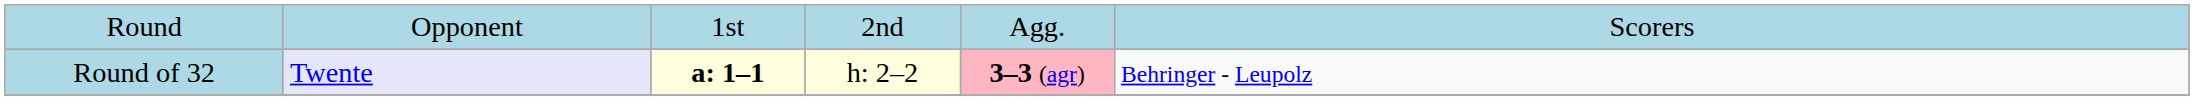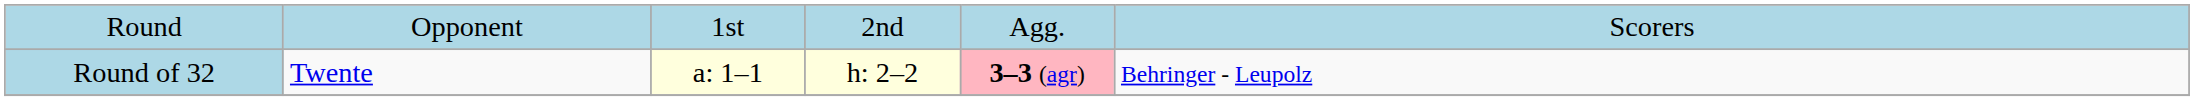 <table class="wikitable" style="text-align:center">
 <tr bgcolor=lightblue>
 <td width=150px>Round</td>
 <td width=200px>Opponent</td>
 <td width=80px>1st</td>
 <td width=80px>2nd</td>
 <td width=80px>Agg.</td>
 <td width=600px>Scorers</td>
 </tr>
 <tr>
 <td bgcolor=lightblue>Round of 32</td>
-<td align=left style="background: lavender;"> <a href='#'>Twente</a></td>
-<td bgcolor="#ffffdd"><strong>a: 1–1</strong></td>
+<td align=left> <a href='#'>Twente</a></td>
+<td bgcolor="#ffffdd">a: 1–1</td>
 <td bgcolor="#ffffdd">h: 2–2</td>
 <td bgcolor=lightpink><strong>3–3</strong> <small>(<a href='#'>agr</a>)</small></td>
 <td align=left><small><a href='#'>Behringer</a> - <a href='#'>Leupolz</a></small></td>
 </tr>
 <tr>
 </tr>
 </table>
